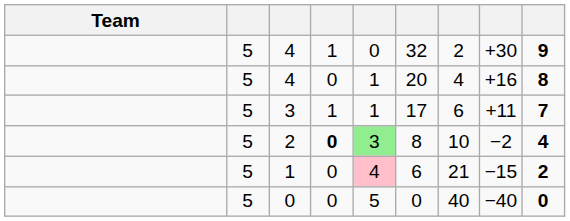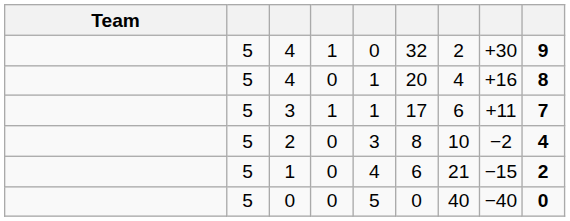 <table class="wikitable" style="text-align: center; font-size:90% ">
 <tr>
 <th width=160>Team</th>
 <th width=25></th>
 <th width=25></th>
 <th width=25></th>
 <th width=25></th>
 <th width=25></th>
 <th width=25></th>
 <th width=25></th>
 <th width=25></th>
 </tr>
 <tr>
 <td align=left></td>
 <td>5</td>
 <td>4</td>
 <td>1</td>
 <td>0</td>
 <td>32</td>
 <td>2</td>
 <td>+30</td>
 <td><strong>9</strong></td>
 </tr>
 <tr>
 <td align=left></td>
 <td>5</td>
 <td>4</td>
 <td>0</td>
 <td>1</td>
 <td>20</td>
 <td>4</td>
 <td>+16</td>
 <td><strong>8</strong></td>
 </tr>
 <tr>
 <td align=left></td>
 <td>5</td>
 <td>3</td>
 <td>1</td>
 <td>1</td>
 <td>17</td>
 <td>6</td>
 <td>+11</td>
 <td><strong>7</strong></td>
 </tr>
 <tr>
 <td align=left></td>
 <td>5</td>
 <td>2</td>
-<td><strong>0</strong></td>
-<td style="background: lightgreen;">3</td>
+<td>0</td>
+<td>3</td>
 <td>8</td>
 <td>10</td>
 <td>−2</td>
 <td><strong>4</strong></td>
 </tr>
 <tr>
 <td align=left></td>
 <td>5</td>
 <td>1</td>
 <td>0</td>
-<td style="background: pink;">4</td>
+<td>4</td>
 <td>6</td>
 <td>21</td>
 <td>−15</td>
 <td><strong>2</strong></td>
 </tr>
 <tr>
 <td align=left></td>
 <td>5</td>
 <td>0</td>
 <td>0</td>
 <td>5</td>
 <td>0</td>
 <td>40</td>
 <td>−40</td>
 <td><strong>0</strong></td>
 </tr>
 </table>
